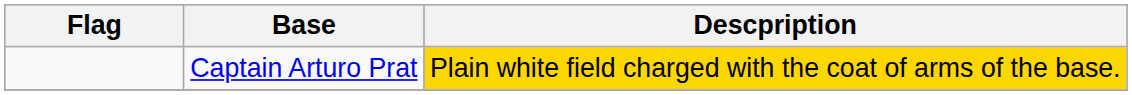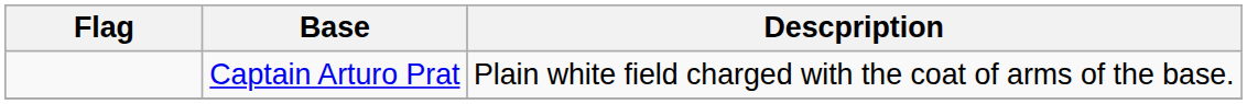 <table class="wikitable">
 <tr>
 <th style="width:100px">Flag</th>
 <th>Base</th>
 <th>Descpription</th>
 </tr>
 <tr>
 <td></td>
 <td><a href='#'>Captain Arturo Prat</a></td>
-<td style="background: gold;">Plain white field charged with the coat of arms of the base.</td>
+<td>Plain white field charged with the coat of arms of the base.</td>
 </tr>
 <tr>
 </tr>
 </table>
